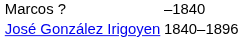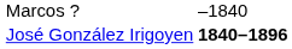 <table>
 <tr>
 <td>Marcos ?</td>
 <td>–1840</td>
 </tr>
 <tr>
 <td><a href='#'>José González Irigoyen</a></td>
-<td>1840–1896</td>
+<td><strong>1840–1896</strong></td>
 </tr>
 <tr>
 </tr>
 </table>
